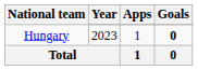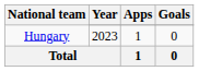 <table class=wikitable style="text-align: center">
 <tr>
 <th>National team</th>
 <th>Year</th>
 <th>Apps</th>
 <th>Goals</th>
 </tr>
 <tr>
 <td rowspan="2"><a href='#'>Hungary</a></td>
 </tr>
 <tr>
 <td>2023</td>
 <td>1</td>
-<td><strong>0</strong></td>
+<td>0</td>
 </tr>
 <tr>
 <th colspan="2">Total</th>
 <th>1</th>
 <th>0</th>
 </tr>
 </table>
